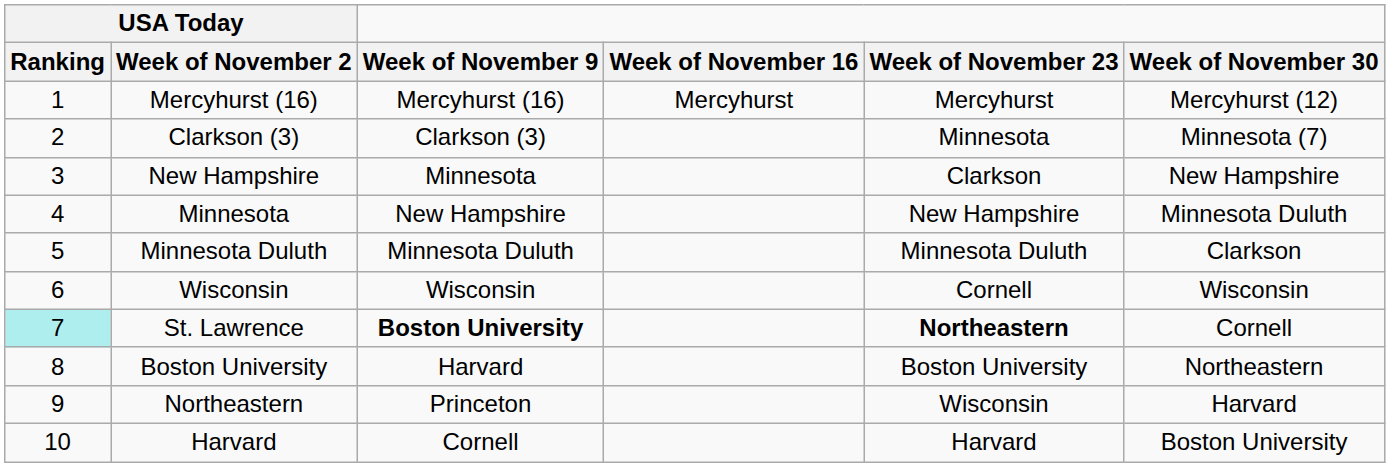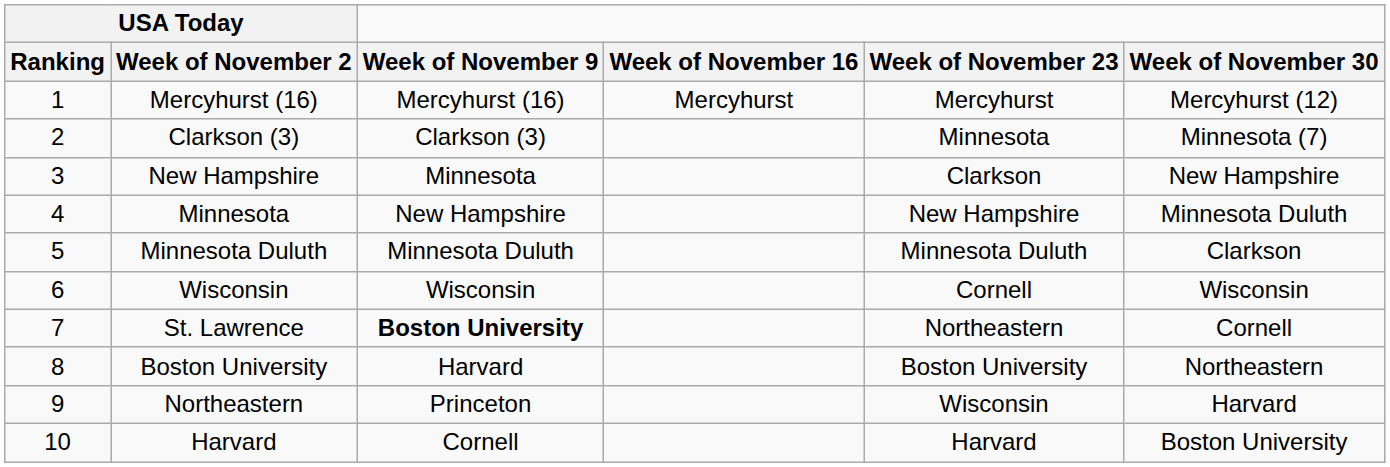 <table class="wikitable" style="text-align:center;">
 <tr>
 <th colspan=2><strong>USA Today</strong></th>
 </tr>
 <tr>
 <th>Ranking</th>
 <th>Week of November 2</th>
 <th>Week of November 9</th>
 <th>Week of November 16</th>
 <th>Week of November 23</th>
 <th>Week of November 30</th>
 </tr>
 <tr>
 <td>1</td>
 <td>Mercyhurst (16)</td>
 <td>Mercyhurst (16)</td>
 <td>Mercyhurst</td>
 <td>Mercyhurst</td>
 <td>Mercyhurst (12)</td>
 </tr>
 <tr>
 <td>2</td>
 <td>Clarkson (3)</td>
 <td>Clarkson (3)</td>
 <td></td>
 <td>Minnesota</td>
 <td>Minnesota (7)</td>
 </tr>
 <tr>
 <td>3</td>
 <td>New Hampshire</td>
 <td>Minnesota</td>
 <td></td>
 <td>Clarkson</td>
 <td>New Hampshire</td>
 </tr>
 <tr>
 <td>4</td>
 <td>Minnesota</td>
 <td>New Hampshire</td>
 <td></td>
 <td>New Hampshire</td>
 <td>Minnesota Duluth</td>
 </tr>
 <tr>
 <td>5</td>
 <td>Minnesota Duluth</td>
 <td>Minnesota Duluth</td>
 <td></td>
 <td>Minnesota Duluth</td>
 <td>Clarkson</td>
 </tr>
 <tr>
 <td>6</td>
 <td>Wisconsin</td>
 <td>Wisconsin</td>
 <td></td>
 <td>Cornell</td>
 <td>Wisconsin</td>
 </tr>
 <tr>
-<td style="background: paleturquoise;">7</td>
+<td>7</td>
 <td>St. Lawrence</td>
 <td><strong>Boston University</strong></td>
 <td></td>
-<td><strong>Northeastern</strong></td>
+<td>Northeastern</td>
 <td>Cornell</td>
 </tr>
 <tr>
 <td>8</td>
 <td>Boston University</td>
 <td>Harvard</td>
 <td></td>
 <td>Boston University</td>
 <td>Northeastern</td>
 </tr>
 <tr>
 <td>9</td>
 <td>Northeastern</td>
 <td>Princeton</td>
 <td></td>
 <td>Wisconsin</td>
 <td>Harvard</td>
 </tr>
 <tr>
 <td>10</td>
 <td>Harvard</td>
 <td>Cornell</td>
 <td></td>
 <td>Harvard</td>
 <td>Boston University</td>
 </tr>
 </table>
